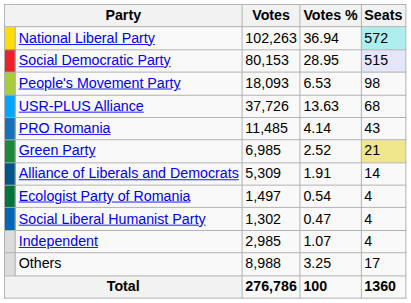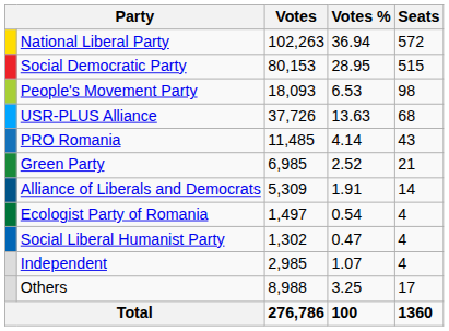 <table class="wikitable">
 <tr>
 <th colspan="2">Party</th>
 <th>Votes</th>
 <th>Votes %</th>
 <th>Seats</th>
 </tr>
 <tr>
 <td style="background:#ffdd00;" width="5"></td>
 <td><a href='#'>National Liberal Party</a></td>
 <td>102,263</td>
 <td>36.94</td>
-<td style="background: paleturquoise;">572</td>
+<td>572</td>
 </tr>
 <tr>
 <td style="background:#ed2128;" width="5"></td>
 <td><a href='#'>Social Democratic Party</a></td>
 <td>80,153</td>
 <td>28.95</td>
-<td style="background: lavender;">515</td>
+<td>515</td>
 </tr>
 <tr>
 <td style="background:#a7cf35;" width="5"></td>
 <td><a href='#'>People's Movement Party</a></td>
 <td>18,093</td>
 <td>6.53</td>
 <td>98</td>
 </tr>
 <tr>
 <td style="background:#00a6ff;" width="5"></td>
 <td><a href='#'>USR-PLUS Alliance</a></td>
 <td>37,726</td>
 <td>13.63</td>
 <td>68</td>
 </tr>
 <tr>
 <td style="background:#1572ba;" width="5"></td>
 <td><a href='#'>PRO Romania</a></td>
 <td>11,485</td>
 <td>4.14</td>
 <td>43</td>
 </tr>
 <tr>
 <td style="background:#198a3a;" width="5"></td>
 <td><a href='#'>Green Party</a></td>
 <td>6,985</td>
 <td>2.52</td>
-<td style="background: khaki;">21</td>
+<td>21</td>
 </tr>
 <tr>
 <td style="background:#005487;" width="5"></td>
 <td><a href='#'>Alliance of Liberals and Democrats</a></td>
 <td>5,309</td>
 <td>1.91</td>
 <td>14</td>
 </tr>
 <tr>
 <td style="background:#00753a;" width="5"></td>
 <td><a href='#'>Ecologist Party of Romania</a></td>
 <td>1,497</td>
 <td>0.54</td>
 <td>4</td>
 </tr>
 <tr>
 <td style="background:#0066b6;" width="5"></td>
 <td><a href='#'>Social Liberal Humanist Party</a></td>
 <td>1,302</td>
 <td>0.47</td>
 <td>4</td>
 </tr>
 <tr>
 <td style="background:#dcdcdc;" width="5"></td>
 <td><a href='#'>Independent</a></td>
 <td>2,985</td>
 <td>1.07</td>
 <td>4</td>
 </tr>
 <tr>
 <td style="background:#dcdcdc;" width="5"></td>
 <td>Others</td>
 <td>8,988</td>
 <td>3.25</td>
 <td>17</td>
 </tr>
 <tr>
 <th colspan="2">Total</th>
 <td><strong>276,786</strong></td>
 <td><strong>100</strong></td>
 <td><strong>1360</strong></td>
 </tr>
 </table>
